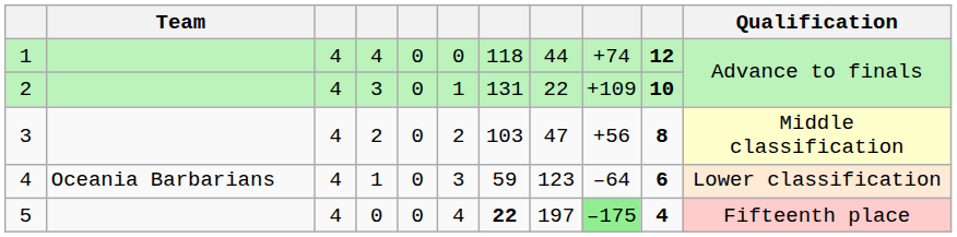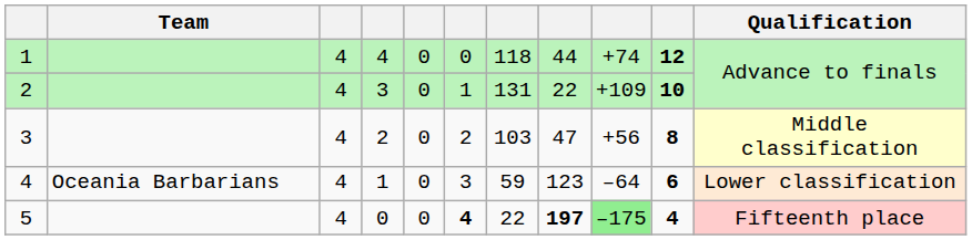 <table class="wikitable" style="text-align:center;">
 <tr>
 <th style="width:1.5em;"></th>
 <th style="width:12.5em">Team</th>
 <th style="width:1.5em;"></th>
 <th style="width:1.5em;"></th>
 <th style="width:1.5em;"></th>
 <th style="width:1.5em;"></th>
 <th style="width:2.0em;"></th>
 <th style="width:2.0em;"></th>
 <th style="width:2.0em;"></th>
 <th style="width:1.5em;"></th>
 <th style="width:12.5em">Qualification</th>
 </tr>
 <tr bgcolor="#bbf3bb">
 <td>1</td>
 <td align="left"></td>
 <td>4</td>
 <td>4</td>
 <td>0</td>
 <td>0</td>
 <td>118</td>
 <td>44</td>
 <td>+74</td>
 <td><strong>12</strong></td>
 <td rowspan="2">Advance to finals</td>
 </tr>
 <tr bgcolor="#bbf3bb">
 <td>2</td>
 <td align="left"></td>
 <td>4</td>
 <td>3</td>
 <td>0</td>
 <td>1</td>
 <td>131</td>
 <td>22</td>
 <td>+109</td>
 <td><strong>10</strong></td>
 </tr>
 <tr>
 <td>3</td>
 <td align="left"></td>
 <td>4</td>
 <td>2</td>
 <td>0</td>
 <td>2</td>
 <td>103</td>
 <td>47</td>
 <td>+56</td>
 <td><strong>8</strong></td>
 <td bgcolor="#ffffcc">Middle classification</td>
 </tr>
 <tr>
 <td>4</td>
 <td align="left">Oceania Barbarians</td>
 <td>4</td>
 <td>1</td>
 <td>0</td>
 <td>3</td>
 <td>59</td>
 <td>123</td>
 <td>–64</td>
 <td><strong>6</strong></td>
 <td bgcolor="#feead5">Lower classification</td>
 </tr>
 <tr>
 <td>5</td>
 <td align="left"></td>
 <td>4</td>
 <td>0</td>
 <td>0</td>
-<td>4</td>
-<td><strong>22</strong></td>
-<td>197</td>
+<td><strong>4</strong></td>
+<td>22</td>
+<td><strong>197</strong></td>
 <td style="background: lightgreen;">–175</td>
 <td><strong>4</strong></td>
 <td bgcolor="#ffcccc">Fifteenth place</td>
 </tr>
 </table>
